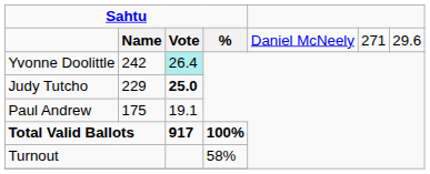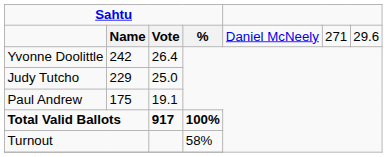 <table class="wikitable">
 <tr>
 <td colspan=4 align=center><a href='#'><strong>Sahtu</strong></a></td>
 </tr>
 <tr>
 <td></td>
 <th><strong>Name </strong></th>
 <th><strong>Vote</strong></th>
 <th><strong>%</strong><br></th>
 <td><a href='#'>Daniel McNeely</a></td>
 <td>271</td>
 <td>29.6</td>
 </tr>
 <tr>
 <td>Yvonne Doolittle</td>
 <td>242</td>
-<td style="background: paleturquoise;">26.4</td>
+<td>26.4</td>
 </tr>
 <tr>
 <td>Judy Tutcho</td>
 <td>229</td>
-<td><strong>25.0</strong></td>
+<td>25.0</td>
 </tr>
 <tr>
 <td>Paul Andrew</td>
 <td>175</td>
 <td>19.1</td>
 </tr>
 <tr>
 <td colspan=2><strong>Total Valid Ballots</strong></td>
 <td><strong>917</strong></td>
 <td><strong>100%</strong></td>
 </tr>
 <tr>
 <td colspan=2>Turnout</td>
 <td></td>
 <td>58%</td>
 </tr>
 <tr>
 </tr>
 </table>
